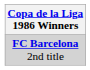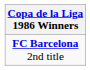 <table class="wikitable" style="text-align: center; margin: 0 auto;">
 <tr>
 <th><a href='#'>Copa de la Liga</a><br>1986 Winners</th>
 </tr>
 <tr>
-<td style="background: lightgrey;"><strong><a href='#'>FC Barcelona</a></strong><br>2nd title</td>
+<td><strong><a href='#'>FC Barcelona</a></strong><br>2nd title</td>
 </tr>
 </table>
